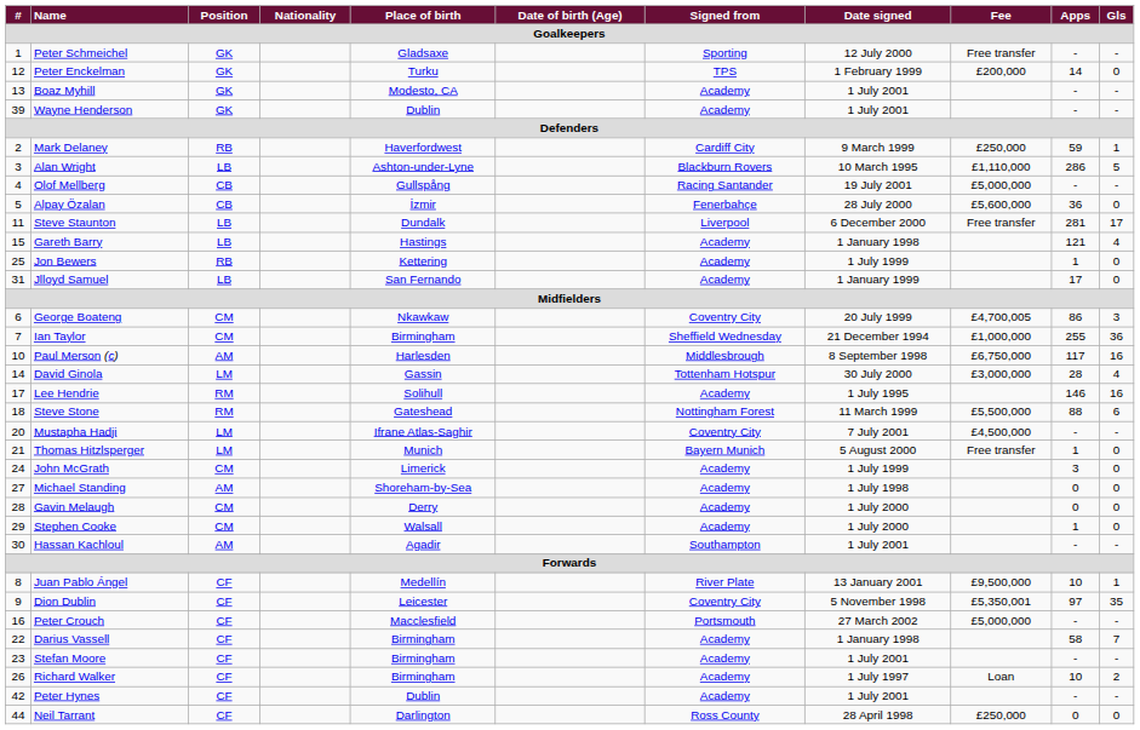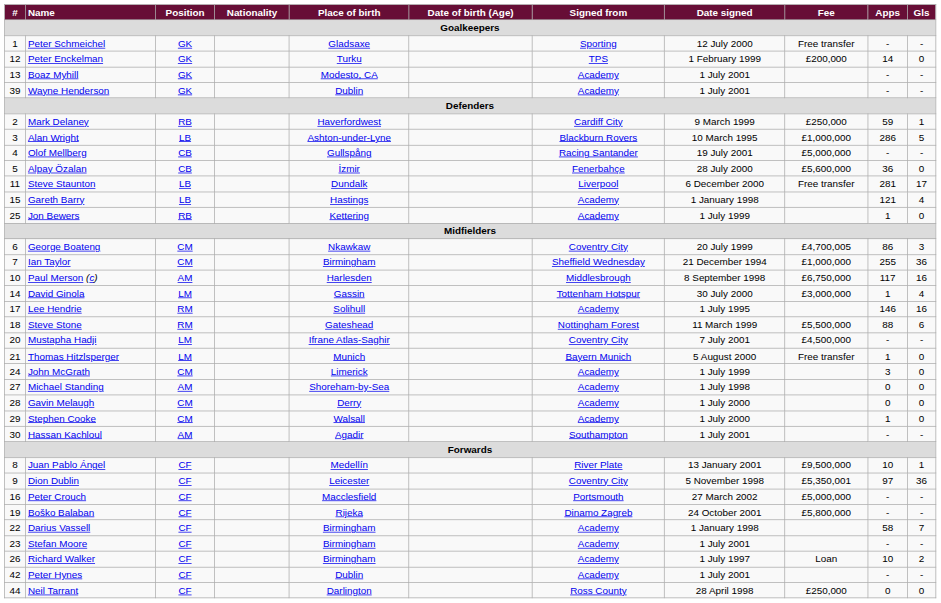 <table class="wikitable" style="text-align:center; font-size:84.5%; width:101%;">
 <tr>
 <th style="background:#670E36; color:#FFFFFF; text-align:center;">#</th>
 <th style="background:#670E36; color:#FFFFFF; text-align:left;">Name</th>
 <th style="background:#670E36; color:#FFFFFF; text-align:center;">Position</th>
 <th style="background:#670E36; color:#FFFFFF; text-align:center;">Nationality</th>
 <th style="background:#670E36; color:#FFFFFF; text-align:center;">Place of birth</th>
 <th style="background:#670E36; color:#FFFFFF; text-align:center;">Date of birth (Age)</th>
 <th style="background:#670E36; color:#FFFFFF; text-align:center;">Signed from</th>
 <th style="background:#670E36; color:#FFFFFF; text-align:center;">Date signed</th>
 <th style="background:#670E36; color:#FFFFFF; text-align:center;">Fee</th>
 <th style="background:#670E36; color:#FFFFFF; text-align:center;">Apps</th>
 <th style="background:#670E36; color:#FFFFFF; text-align:center;">Gls</th>
 </tr>
 <tr>
 <th colspan="11" style="background:#dcdcdc; tepxt-align:center;">Goalkeepers</th>
 </tr>
 <tr>
 <td>1</td>
 <td style="text-align:left;"><a href='#'>Peter Schmeichel</a></td>
 <td><a href='#'>GK</a></td>
 <td></td>
 <td><a href='#'>Gladsaxe</a></td>
 <td></td>
 <td> <a href='#'> Sporting</a></td>
 <td>12 July 2000</td>
 <td>Free transfer</td>
 <td>-</td>
 <td>-</td>
 </tr>
 <tr>
 <td>12</td>
 <td style="text-align:left;"><a href='#'>Peter Enckelman</a></td>
 <td><a href='#'>GK</a></td>
 <td></td>
 <td><a href='#'>Turku</a></td>
 <td></td>
 <td> <a href='#'>TPS</a></td>
 <td>1 February 1999</td>
 <td>£200,000</td>
 <td>14</td>
 <td>0</td>
 </tr>
 <tr>
 <td>13</td>
 <td style="text-align:left;"><a href='#'>Boaz Myhill</a></td>
 <td><a href='#'>GK</a></td>
 <td></td>
 <td> <a href='#'>Modesto, CA</a></td>
 <td></td>
 <td><a href='#'>Academy</a></td>
 <td>1 July 2001</td>
 <td></td>
 <td>-</td>
 <td>-</td>
 </tr>
 <tr>
 <td>39</td>
 <td style="text-align:left;"><a href='#'>Wayne Henderson</a></td>
 <td><a href='#'>GK</a></td>
 <td></td>
 <td><a href='#'>Dublin</a></td>
 <td></td>
 <td><a href='#'>Academy</a></td>
 <td>1 July 2001</td>
 <td></td>
 <td>-</td>
 <td>-</td>
 </tr>
 <tr>
 <th colspan="11" style="background:#dcdcdc; tepxt-align:center;">Defenders</th>
 </tr>
 <tr>
 <td>2</td>
 <td style="text-align:left;"><a href='#'>Mark Delaney</a></td>
 <td><a href='#'>RB</a></td>
 <td></td>
 <td><a href='#'>Haverfordwest</a></td>
 <td></td>
 <td> <a href='#'>Cardiff City</a></td>
 <td>9 March 1999</td>
 <td>£250,000</td>
 <td>59</td>
 <td>1</td>
 </tr>
 <tr>
 <td>3</td>
 <td style="text-align:left;"><a href='#'>Alan Wright</a></td>
 <td><a href='#'>LB</a></td>
 <td></td>
 <td><a href='#'>Ashton-under-Lyne</a></td>
 <td></td>
 <td><a href='#'>Blackburn Rovers</a></td>
 <td>10 March 1995</td>
-<td>£1,110,000</td>
+<td>£1,000,000</td>
 <td>286</td>
 <td>5</td>
 </tr>
 <tr>
 <td>4</td>
 <td style="text-align:left;"><a href='#'>Olof Mellberg</a></td>
 <td><a href='#'>CB</a></td>
 <td></td>
 <td><a href='#'>Gullspång</a></td>
 <td></td>
 <td> <a href='#'>Racing Santander</a></td>
 <td>19 July 2001</td>
 <td>£5,000,000</td>
 <td>-</td>
 <td>-</td>
 </tr>
 <tr>
 <td>5</td>
 <td style="text-align:left;"><a href='#'>Alpay Özalan</a></td>
 <td><a href='#'>CB</a></td>
 <td></td>
 <td><a href='#'>İzmir</a></td>
 <td></td>
 <td> <a href='#'>Fenerbahçe</a></td>
 <td>28 July 2000</td>
 <td>£5,600,000</td>
 <td>36</td>
 <td>0</td>
 </tr>
 <tr>
 <td>11</td>
 <td style="text-align:left;"><a href='#'>Steve Staunton</a></td>
 <td><a href='#'>LB</a></td>
 <td></td>
 <td><a href='#'>Dundalk</a></td>
 <td></td>
 <td><a href='#'>Liverpool</a></td>
 <td>6 December 2000</td>
 <td>Free transfer</td>
 <td>281</td>
 <td>17</td>
 </tr>
 <tr>
 <td>15</td>
 <td style="text-align:left;"><a href='#'>Gareth Barry</a></td>
 <td><a href='#'>LB</a></td>
 <td></td>
 <td><a href='#'>Hastings</a></td>
 <td></td>
 <td><a href='#'>Academy</a></td>
 <td>1 January 1998</td>
 <td></td>
 <td>121</td>
 <td>4</td>
 </tr>
 <tr>
 <td>25</td>
 <td style="text-align:left;"><a href='#'>Jon Bewers</a></td>
 <td><a href='#'>RB</a></td>
 <td></td>
 <td><a href='#'>Kettering</a></td>
 <td></td>
 <td><a href='#'>Academy</a></td>
 <td>1 July 1999</td>
 <td></td>
 <td>1</td>
 <td>0</td>
 </tr>
 <tr>
-<td>31</td>
-<td style="text-align:left;"><a href='#'>Jlloyd Samuel</a></td>
-<td><a href='#'>LB</a></td>
-<td></td>
-<td><a href='#'>San Fernando</a></td>
-<td></td>
-<td><a href='#'>Academy</a></td>
-<td>1 January 1999</td>
-<td></td>
-<td>17</td>
-<td>0</td>
-</tr>
-<tr>
 <th colspan="11" style="background:#dcdcdc; tepxt-align:center;">Midfielders</th>
 </tr>
 <tr>
 <td>6</td>
 <td style="text-align:left;"><a href='#'>George Boateng</a></td>
 <td><a href='#'>CM</a></td>
 <td></td>
 <td> <a href='#'>Nkawkaw</a></td>
 <td></td>
 <td><a href='#'>Coventry City</a></td>
 <td>20 July 1999</td>
 <td>£4,700,005</td>
 <td>86</td>
 <td>3</td>
 </tr>
 <tr>
 <td>7</td>
 <td style="text-align:left;"><a href='#'>Ian Taylor</a></td>
 <td><a href='#'>CM</a></td>
 <td></td>
 <td><a href='#'>Birmingham</a></td>
 <td></td>
 <td><a href='#'>Sheffield Wednesday</a></td>
 <td>21 December 1994</td>
 <td>£1,000,000</td>
 <td>255</td>
 <td>36</td>
 </tr>
 <tr>
 <td>10</td>
 <td style="text-align:left;"><a href='#'>Paul Merson</a> <em>(<a href='#'>c</a>)</em></td>
 <td><a href='#'>AM</a></td>
 <td></td>
 <td><a href='#'>Harlesden</a></td>
 <td></td>
 <td><a href='#'>Middlesbrough</a></td>
 <td>8 September 1998</td>
 <td>£6,750,000</td>
 <td>117</td>
 <td>16</td>
 </tr>
 <tr>
 <td>14</td>
 <td style="text-align:left;"><a href='#'>David Ginola</a></td>
 <td><a href='#'>LM</a></td>
 <td></td>
 <td><a href='#'>Gassin</a></td>
 <td></td>
 <td><a href='#'>Tottenham Hotspur</a></td>
 <td>30 July 2000</td>
 <td>£3,000,000</td>
-<td>28</td>
+<td>1</td>
 <td>4</td>
 </tr>
 <tr>
 <td>17</td>
 <td style="text-align:left;"><a href='#'>Lee Hendrie</a></td>
 <td><a href='#'>RM</a></td>
 <td></td>
 <td><a href='#'>Solihull</a></td>
 <td></td>
 <td><a href='#'>Academy</a></td>
 <td>1 July 1995</td>
 <td></td>
 <td>146</td>
 <td>16</td>
 </tr>
 <tr>
 <td>18</td>
 <td style="text-align:left;"><a href='#'>Steve Stone</a></td>
 <td><a href='#'>RM</a></td>
 <td></td>
 <td><a href='#'>Gateshead</a></td>
 <td></td>
 <td><a href='#'>Nottingham Forest</a></td>
 <td>11 March 1999</td>
 <td>£5,500,000</td>
 <td>88</td>
 <td>6</td>
 </tr>
 <tr>
 <td>20</td>
 <td style="text-align:left;"><a href='#'>Mustapha Hadji</a></td>
 <td><a href='#'>LM</a></td>
 <td></td>
 <td><a href='#'>Ifrane Atlas-Saghir</a></td>
 <td></td>
 <td><a href='#'>Coventry City</a></td>
 <td>7 July 2001</td>
 <td>£4,500,000</td>
 <td>-</td>
 <td>-</td>
 </tr>
 <tr>
 <td>21</td>
 <td style="text-align:left;"><a href='#'>Thomas Hitzlsperger</a></td>
 <td><a href='#'>LM</a></td>
 <td></td>
 <td><a href='#'>Munich</a></td>
 <td></td>
 <td> <a href='#'>Bayern Munich</a></td>
 <td>5 August 2000</td>
 <td>Free transfer</td>
 <td>1</td>
 <td>0</td>
 </tr>
 <tr>
 <td>24</td>
 <td style="text-align:left;"><a href='#'>John McGrath</a></td>
 <td><a href='#'>CM</a></td>
 <td></td>
 <td><a href='#'>Limerick</a></td>
 <td></td>
 <td><a href='#'>Academy</a></td>
 <td>1 July 1999</td>
 <td></td>
 <td>3</td>
 <td>0</td>
 </tr>
 <tr>
 <td>27</td>
 <td style="text-align:left;"><a href='#'>Michael Standing</a></td>
 <td><a href='#'>AM</a></td>
 <td></td>
 <td><a href='#'>Shoreham-by-Sea</a></td>
 <td></td>
 <td><a href='#'>Academy</a></td>
 <td>1 July 1998</td>
 <td></td>
 <td>0</td>
 <td>0</td>
 </tr>
 <tr>
 <td>28</td>
 <td style="text-align:left;"><a href='#'>Gavin Melaugh</a></td>
 <td><a href='#'>CM</a></td>
 <td></td>
 <td><a href='#'>Derry</a></td>
 <td></td>
 <td><a href='#'>Academy</a></td>
 <td>1 July 2000</td>
 <td></td>
 <td>0</td>
 <td>0</td>
 </tr>
 <tr>
 <td>29</td>
 <td style="text-align:left;"><a href='#'>Stephen Cooke</a></td>
 <td><a href='#'>CM</a></td>
 <td></td>
 <td><a href='#'>Walsall</a></td>
 <td></td>
 <td><a href='#'>Academy</a></td>
 <td>1 July 2000</td>
 <td></td>
 <td>1</td>
 <td>0</td>
 </tr>
 <tr>
 <td>30</td>
 <td style="text-align:left;"><a href='#'>Hassan Kachloul</a></td>
 <td><a href='#'>AM</a></td>
 <td></td>
 <td><a href='#'>Agadir</a></td>
 <td></td>
 <td><a href='#'>Southampton</a></td>
 <td>1 July 2001</td>
 <td></td>
 <td>-</td>
 <td>-</td>
 </tr>
 <tr>
 <th colspan="11" style="background:#dcdcdc; tepxt-align:center;">Forwards</th>
 </tr>
 <tr>
 <td>8</td>
 <td style="text-align:left;"><a href='#'>Juan Pablo Ángel</a></td>
 <td><a href='#'>CF</a></td>
 <td></td>
 <td><a href='#'>Medellín</a></td>
 <td></td>
 <td> <a href='#'>River Plate</a></td>
 <td>13 January 2001</td>
 <td>£9,500,000</td>
 <td>10</td>
 <td>1</td>
 </tr>
 <tr>
 <td>9</td>
 <td style="text-align:left;"><a href='#'>Dion Dublin</a></td>
 <td><a href='#'>CF</a></td>
 <td></td>
 <td><a href='#'>Leicester</a></td>
 <td></td>
 <td><a href='#'>Coventry City</a></td>
 <td>5 November 1998</td>
 <td>£5,350,001</td>
 <td>97</td>
-<td>35</td>
+<td>36</td>
 </tr>
 <tr>
 <td>16</td>
 <td style="text-align:left;"><a href='#'>Peter Crouch</a></td>
 <td><a href='#'>CF</a></td>
 <td></td>
 <td><a href='#'>Macclesfield</a></td>
 <td></td>
 <td><a href='#'>Portsmouth</a></td>
 <td>27 March 2002</td>
 <td>£5,000,000</td>
+<td>-</td>
+<td>-</td>
+</tr>
+<tr>
+<td>19</td>
+<td style="text-align:left;"><a href='#'>Boško Balaban</a></td>
+<td><a href='#'>CF</a></td>
+<td></td>
+<td><a href='#'>Rijeka</a></td>
+<td></td>
+<td> <a href='#'>Dinamo Zagreb</a></td>
+<td>24 October 2001</td>
+<td>£5,800,000</td>
 <td>-</td>
 <td>-</td>
 </tr>
 <tr>
 <td>22</td>
 <td style="text-align:left;"><a href='#'>Darius Vassell</a></td>
 <td><a href='#'>CF</a></td>
 <td></td>
 <td><a href='#'>Birmingham</a></td>
 <td></td>
 <td><a href='#'>Academy</a></td>
 <td>1 January 1998</td>
 <td></td>
 <td>58</td>
 <td>7</td>
 </tr>
 <tr>
 <td>23</td>
 <td style="text-align:left;"><a href='#'>Stefan Moore</a></td>
 <td><a href='#'>CF</a></td>
 <td></td>
 <td><a href='#'>Birmingham</a></td>
 <td></td>
 <td><a href='#'>Academy</a></td>
 <td>1 July 2001</td>
 <td></td>
 <td>-</td>
 <td>-</td>
 </tr>
 <tr>
 <td>26</td>
 <td style="text-align:left;"><a href='#'>Richard Walker</a></td>
 <td><a href='#'>CF</a></td>
 <td></td>
 <td><a href='#'>Birmingham</a></td>
 <td></td>
 <td><a href='#'>Academy</a></td>
 <td>1 July 1997</td>
 <td>Loan</td>
 <td>10</td>
 <td>2</td>
 </tr>
 <tr>
 <td>42</td>
 <td style="text-align:left;"><a href='#'>Peter Hynes</a></td>
 <td><a href='#'>CF</a></td>
 <td></td>
 <td><a href='#'>Dublin</a></td>
 <td></td>
 <td><a href='#'>Academy</a></td>
 <td>1 July 2001</td>
 <td></td>
 <td>-</td>
 <td>-</td>
 </tr>
 <tr>
 <td>44</td>
 <td style="text-align:left;"><a href='#'>Neil Tarrant</a></td>
 <td><a href='#'>CF</a></td>
 <td></td>
 <td> <a href='#'>Darlington</a></td>
 <td></td>
 <td> <a href='#'>Ross County</a></td>
 <td>28 April 1998</td>
 <td>£250,000</td>
 <td>0</td>
 <td>0</td>
 </tr>
 </table>
